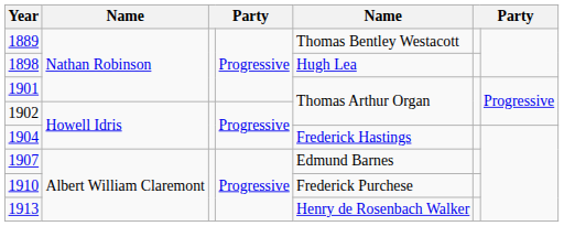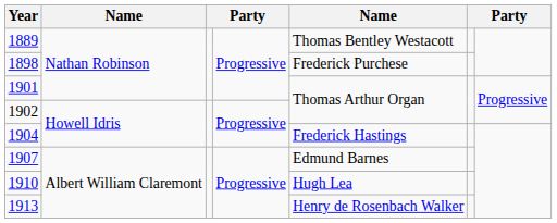 <table class="wikitable">
 <tr>
 <th>Year</th>
 <th>Name</th>
 <th colspan=2>Party</th>
 <th>Name</th>
 <th colspan=2>Party</th>
 </tr>
 <tr>
 <td><a href='#'>1889</a></td>
 <td rowspan=3><a href='#'>Nathan Robinson</a></td>
 <td rowspan=3 style="background-color: "></td>
 <td rowspan=3><a href='#'>Progressive</a></td>
 <td>Thomas Bentley Westacott</td>
 <td></td>
 </tr>
 <tr>
 <td><a href='#'>1898</a></td>
-<td><a href='#'>Hugh Lea</a></td>
+<td>Frederick Purchese</td>
 <td></td>
 </tr>
 <tr>
 <td><a href='#'>1901</a></td>
 <td rowspan=2>Thomas Arthur Organ</td>
 <td rowspan=2 style="background-color: "></td>
 <td rowspan=2><a href='#'>Progressive</a></td>
 </tr>
 <tr>
 <td>1902</td>
 <td rowspan=2><a href='#'>Howell Idris</a></td>
 <td rowspan=2 style="background-color: "></td>
 <td rowspan=2><a href='#'>Progressive</a></td>
 </tr>
 <tr>
 <td><a href='#'>1904</a></td>
 <td><a href='#'>Frederick Hastings</a></td>
 <td></td>
 </tr>
 <tr>
 <td><a href='#'>1907</a></td>
 <td rowspan=3>Albert William Claremont</td>
 <td rowspan=3 style="background-color: "></td>
 <td rowspan=3><a href='#'>Progressive</a></td>
 <td>Edmund Barnes</td>
 <td></td>
 </tr>
 <tr>
 <td><a href='#'>1910</a></td>
-<td>Frederick Purchese</td>
+<td><a href='#'>Hugh Lea</a></td>
 <td></td>
 </tr>
 <tr>
 <td><a href='#'>1913</a></td>
 <td><a href='#'>Henry de Rosenbach Walker</a></td>
 <td></td>
 </tr>
 </table>
